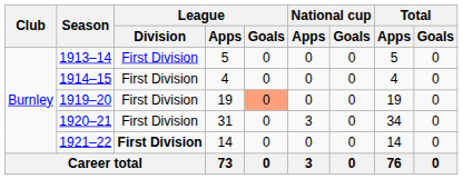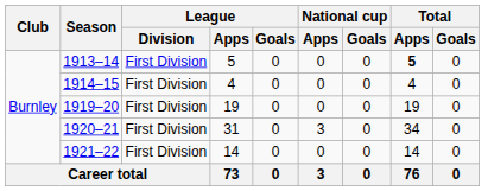 <table class="wikitable" style="text-align:center">
 <tr>
 <th rowspan="2">Club</th>
 <th rowspan="2">Season</th>
 <th colspan="3">League</th>
 <th colspan="2">National cup</th>
 <th colspan="2">Total</th>
 </tr>
 <tr>
 <th>Division</th>
 <th>Apps</th>
 <th>Goals</th>
 <th>Apps</th>
 <th>Goals</th>
 <th>Apps</th>
 <th>Goals</th>
 </tr>
 <tr>
 <td rowspan="5"><a href='#'>Burnley</a></td>
 <td><a href='#'>1913–14</a></td>
 <td><a href='#'>First Division</a></td>
 <td>5</td>
 <td>0</td>
 <td>0</td>
 <td>0</td>
-<td>5</td>
+<td><strong>5</strong></td>
 <td>0</td>
 </tr>
 <tr>
 <td><a href='#'>1914–15</a></td>
 <td>First Division</td>
 <td>4</td>
 <td>0</td>
 <td>0</td>
 <td>0</td>
 <td>4</td>
 <td>0</td>
 </tr>
 <tr>
 <td><a href='#'>1919–20</a></td>
 <td>First Division</td>
 <td>19</td>
-<td style="background: lightsalmon;">0</td>
+<td>0</td>
 <td>0</td>
 <td>0</td>
 <td>19</td>
 <td>0</td>
 </tr>
 <tr>
 <td><a href='#'>1920–21</a></td>
 <td>First Division</td>
 <td>31</td>
 <td>0</td>
 <td>3</td>
 <td>0</td>
 <td>34</td>
 <td>0</td>
 </tr>
 <tr>
 <td><a href='#'>1921–22</a></td>
-<td><strong>First Division</strong></td>
+<td>First Division</td>
 <td>14</td>
 <td>0</td>
 <td>0</td>
 <td>0</td>
 <td>14</td>
 <td>0</td>
 </tr>
 <tr>
 <th colspan="3">Career total</th>
 <th>73</th>
 <th>0</th>
 <th>3</th>
 <th>0</th>
 <th>76</th>
 <th>0</th>
 </tr>
 </table>
